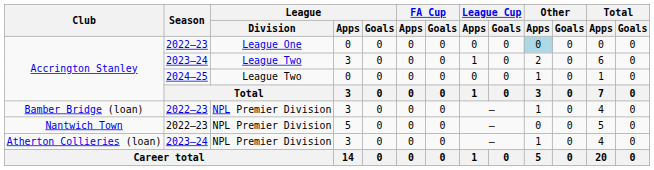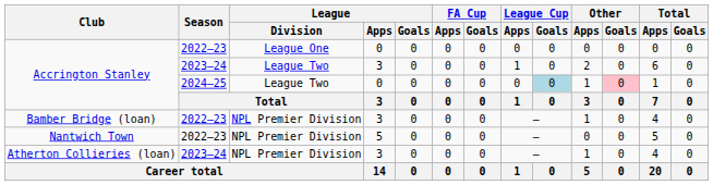 <table class="wikitable" style="text-align: center">
 <tr>
 <th rowspan="2">Club</th>
 <th rowspan="2">Season</th>
 <th colspan="3">League</th>
 <th colspan="2"><a href='#'>FA Cup</a></th>
 <th colspan="2"><a href='#'>League Cup</a></th>
 <th colspan="2">Other</th>
 <th colspan="2">Total</th>
 </tr>
 <tr>
 <th>Division</th>
 <th>Apps</th>
 <th>Goals</th>
 <th>Apps</th>
 <th>Goals</th>
 <th>Apps</th>
 <th>Goals</th>
 <th>Apps</th>
 <th>Goals</th>
 <th>Apps</th>
 <th>Goals</th>
 </tr>
 <tr>
 <td rowspan="4"><a href='#'>Accrington Stanley</a></td>
 <td><a href='#'>2022–23</a></td>
 <td><a href='#'>League One</a></td>
 <td>0</td>
 <td>0</td>
 <td>0</td>
 <td>0</td>
 <td>0</td>
 <td>0</td>
-<td style="background: lightblue;">0</td>
+<td>0</td>
 <td>0</td>
 <td>0</td>
 <td>0</td>
 </tr>
 <tr>
 <td><a href='#'>2023–24</a></td>
 <td><a href='#'>League Two</a></td>
 <td>3</td>
 <td>0</td>
 <td>0</td>
 <td>0</td>
 <td>1</td>
 <td>0</td>
 <td>2</td>
 <td>0</td>
 <td>6</td>
 <td>0</td>
 </tr>
 <tr>
 <td><a href='#'>2024–25</a></td>
 <td>League Two</td>
 <td>0</td>
 <td>0</td>
 <td>0</td>
 <td>0</td>
 <td>0</td>
-<td>0</td>
+<td style="background: lightblue;">0</td>
 <td>1</td>
-<td>0</td>
+<td style="background: pink;">0</td>
 <td>1</td>
 <td>0</td>
 </tr>
 <tr>
 <th colspan="2">Total</th>
 <th>3</th>
 <th>0</th>
 <th>0</th>
 <th>0</th>
 <th>1</th>
 <th>0</th>
 <th>3</th>
 <th>0</th>
 <th>7</th>
 <th>0</th>
 </tr>
 <tr>
 <td><a href='#'>Bamber Bridge</a> (loan)</td>
 <td><a href='#'>2022–23</a></td>
 <td><a href='#'>NPL</a> Premier Division</td>
 <td>3</td>
 <td>0</td>
 <td>0</td>
 <td>0</td>
 <td colspan="2">—</td>
 <td>1</td>
 <td>0</td>
 <td>4</td>
 <td>0</td>
 </tr>
 <tr>
 <td><a href='#'>Nantwich Town</a></td>
 <td>2022–23</td>
 <td>NPL Premier Division</td>
 <td>5</td>
 <td>0</td>
 <td>0</td>
 <td>0</td>
 <td colspan="2">—</td>
 <td>0</td>
 <td>0</td>
 <td>5</td>
 <td>0</td>
 </tr>
 <tr>
 <td><a href='#'>Atherton Collieries</a> (loan)</td>
 <td><a href='#'>2023–24</a></td>
 <td>NPL Premier Division</td>
 <td>3</td>
 <td>0</td>
 <td>0</td>
 <td>0</td>
 <td colspan="2">—</td>
 <td>1</td>
 <td>0</td>
 <td>4</td>
 <td>0</td>
 </tr>
 <tr>
 <th colspan="3">Career total</th>
 <th>14</th>
 <th>0</th>
 <th>0</th>
 <th>0</th>
 <th>1</th>
 <th>0</th>
 <th>5</th>
 <th>0</th>
 <th>20</th>
 <th>0</th>
 </tr>
 </table>
